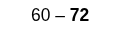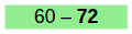 <table style="text-align:center">
 <tr>
 <th width=200></th>
 <th width=100></th>
 <th width=200></th>
 </tr>
 <tr>
 <td align=right></td>
-<td>60 – <strong>72</strong></td>
+<td style="background: lightgreen;">60 – <strong>72</strong></td>
 <td align=left></td>
 </tr>
 </table>
